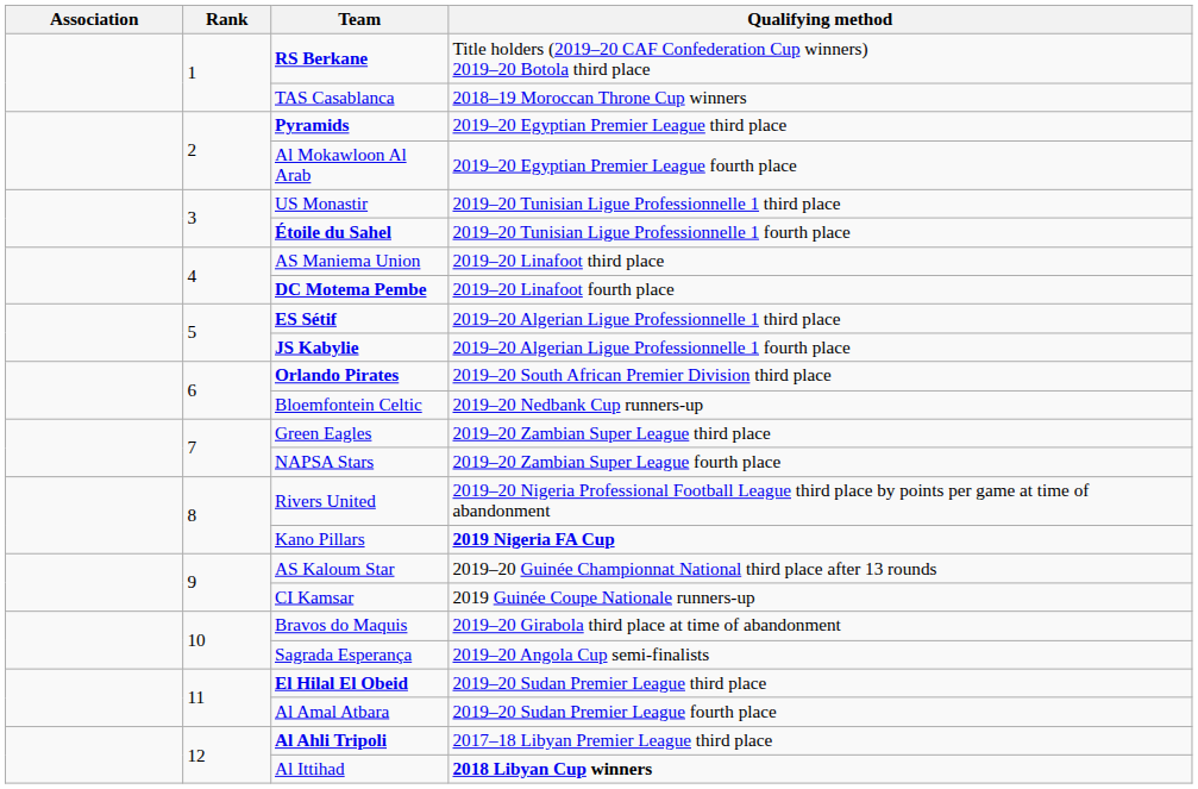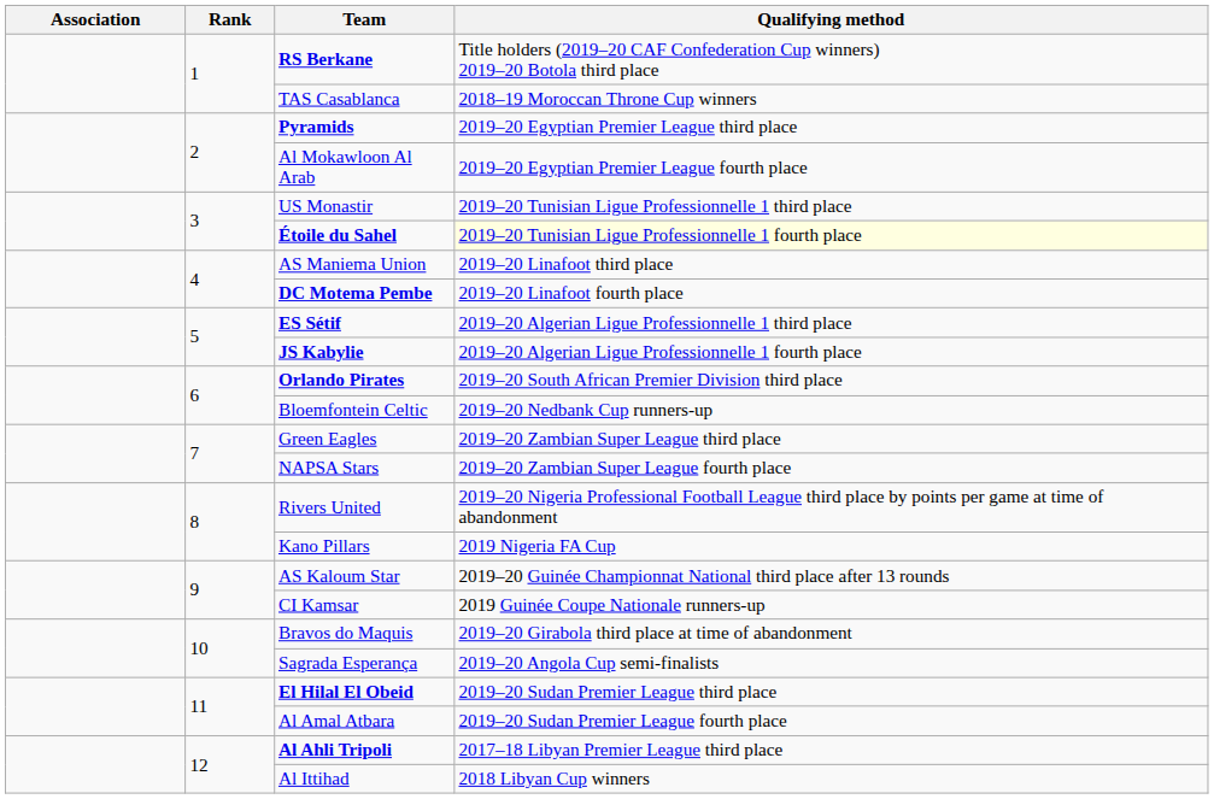 <table class="wikitable">
 <tr>
 <th width=150>Association</th>
 <th width=70>Rank </th>
 <th width=150>Team</th>
 <th width=650>Qualifying method</th>
 </tr>
 <tr>
 <td rowspan=2></td>
 <td rowspan=2>1 </td>
 <td><strong><a href='#'>RS Berkane</a></strong></td>
 <td>Title holders (<a href='#'>2019–20 CAF Confederation Cup</a> winners)<br><a href='#'>2019–20 Botola</a> third place</td>
 </tr>
 <tr>
 <td><a href='#'>TAS Casablanca</a></td>
 <td><a href='#'>2018–19 Moroccan Throne Cup</a> winners</td>
 </tr>
 <tr>
 <td rowspan=2></td>
 <td rowspan=2>2 </td>
 <td><strong><a href='#'>Pyramids</a></strong></td>
 <td><a href='#'>2019–20 Egyptian Premier League</a> third place</td>
 </tr>
 <tr>
 <td><a href='#'>Al Mokawloon Al Arab</a></td>
 <td><a href='#'>2019–20 Egyptian Premier League</a> fourth place</td>
 </tr>
 <tr>
 <td rowspan=2></td>
 <td rowspan=2>3 </td>
 <td><a href='#'>US Monastir</a></td>
 <td><a href='#'>2019–20 Tunisian Ligue Professionnelle 1</a> third place</td>
 </tr>
 <tr>
 <td><strong><a href='#'>Étoile du Sahel</a></strong></td>
-<td><a href='#'>2019–20 Tunisian Ligue Professionnelle 1</a> fourth place</td>
+<td style="background: lightyellow;"><a href='#'>2019–20 Tunisian Ligue Professionnelle 1</a> fourth place</td>
 </tr>
 <tr>
 <td rowspan=2></td>
 <td rowspan=2>4 </td>
 <td><a href='#'>AS Maniema Union</a></td>
 <td><a href='#'>2019–20 Linafoot</a> third place</td>
 </tr>
 <tr>
 <td><strong><a href='#'>DC Motema Pembe</a></strong></td>
 <td><a href='#'>2019–20 Linafoot</a> fourth place</td>
 </tr>
 <tr>
 <td rowspan=2></td>
 <td rowspan=2>5 </td>
 <td><strong><a href='#'>ES Sétif</a></strong></td>
 <td><a href='#'>2019–20 Algerian Ligue Professionnelle 1</a> third place</td>
 </tr>
 <tr>
 <td><strong><a href='#'>JS Kabylie</a></strong></td>
 <td><a href='#'>2019–20 Algerian Ligue Professionnelle 1</a> fourth place</td>
 </tr>
 <tr>
 <td rowspan=2></td>
 <td rowspan=2>6 </td>
 <td><strong><a href='#'>Orlando Pirates</a></strong></td>
 <td><a href='#'>2019–20 South African Premier Division</a> third place</td>
 </tr>
 <tr>
 <td><a href='#'>Bloemfontein Celtic</a></td>
 <td><a href='#'>2019–20 Nedbank Cup</a> runners-up</td>
 </tr>
 <tr>
 <td rowspan=2></td>
 <td rowspan=2>7 </td>
 <td><a href='#'>Green Eagles</a></td>
 <td><a href='#'>2019–20 Zambian Super League</a> third place</td>
 </tr>
 <tr>
 <td><a href='#'>NAPSA Stars</a></td>
 <td><a href='#'>2019–20 Zambian Super League</a> fourth place</td>
 </tr>
 <tr>
 <td rowspan=2></td>
 <td rowspan=2>8 </td>
 <td><a href='#'>Rivers United</a></td>
 <td><a href='#'>2019–20 Nigeria Professional Football League</a> third place by points per game at time of abandonment</td>
 </tr>
 <tr>
 <td><a href='#'>Kano Pillars</a></td>
-<td><strong><a href='#'>2019 Nigeria FA Cup</a></strong></td>
+<td><a href='#'>2019 Nigeria FA Cup</a></td>
 </tr>
 <tr>
 <td rowspan=2></td>
 <td rowspan=2>9 </td>
 <td><a href='#'>AS Kaloum Star</a></td>
 <td>2019–20 <a href='#'>Guinée Championnat National</a> third place after 13 rounds</td>
 </tr>
 <tr>
 <td><a href='#'>CI Kamsar</a></td>
 <td>2019 <a href='#'>Guinée Coupe Nationale</a> runners-up</td>
 </tr>
 <tr>
 <td rowspan=2></td>
 <td rowspan=2>10 </td>
 <td><a href='#'>Bravos do Maquis</a></td>
 <td><a href='#'>2019–20 Girabola</a> third place at time of abandonment</td>
 </tr>
 <tr>
 <td><a href='#'>Sagrada Esperança</a></td>
 <td><a href='#'>2019–20 Angola Cup</a> semi-finalists</td>
 </tr>
 <tr>
 <td rowspan=2></td>
 <td rowspan=2>11 </td>
 <td><strong><a href='#'>El Hilal El Obeid</a></strong></td>
 <td><a href='#'>2019–20 Sudan Premier League</a> third place</td>
 </tr>
 <tr>
 <td><a href='#'>Al Amal Atbara</a></td>
 <td><a href='#'>2019–20 Sudan Premier League</a> fourth place</td>
 </tr>
 <tr>
 <td rowspan=2></td>
 <td rowspan=2>12 </td>
 <td><strong><a href='#'>Al Ahli Tripoli</a></strong></td>
 <td><a href='#'>2017–18 Libyan Premier League</a> third place</td>
 </tr>
 <tr>
 <td><a href='#'>Al Ittihad</a></td>
-<td><strong><a href='#'>2018 Libyan Cup</a> winners</strong></td>
+<td><a href='#'>2018 Libyan Cup</a> winners</td>
 </tr>
 </table>
